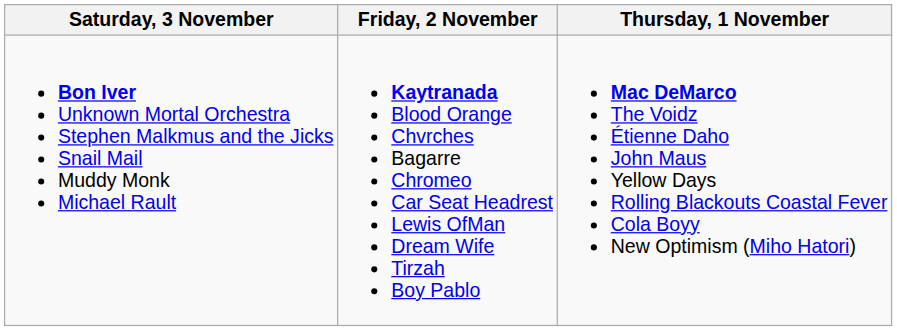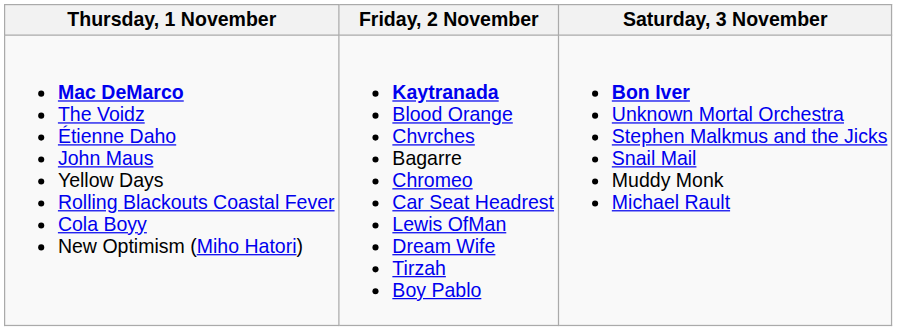 <table class="wikitable">
 <tr>
+<th>Thursday, 1 November</th>
+<th>Friday, 2 November</th>
 <th>Saturday, 3 November</th>
-<th>Friday, 2 November</th>
-<th>Thursday, 1 November</th>
 </tr>
 <tr valign="top">
+<td><br><ul><li><strong><a href='#'>Mac DeMarco</a></strong></li><li><a href='#'>The Voidz</a></li><li><a href='#'>Étienne Daho</a></li><li><a href='#'>John Maus</a></li><li>Yellow Days</li><li><a href='#'>Rolling Blackouts Coastal Fever</a></li><li><a href='#'>Cola Boyy</a></li><li>New Optimism (<a href='#'>Miho Hatori</a>)</li></ul></td>
+<td><br><ul><li><strong><a href='#'>Kaytranada</a></strong></li><li><a href='#'>Blood Orange</a></li><li><a href='#'>Chvrches</a></li><li>Bagarre</li><li><a href='#'>Chromeo</a></li><li><a href='#'>Car Seat Headrest</a></li><li><a href='#'>Lewis OfMan</a></li><li><a href='#'>Dream Wife</a></li><li><a href='#'>Tirzah</a></li><li><a href='#'>Boy Pablo</a></li></ul></td>
 <td><br><ul><li><strong><a href='#'>Bon Iver</a></strong></li><li><a href='#'>Unknown Mortal Orchestra</a></li><li><a href='#'>Stephen Malkmus and the Jicks</a></li><li><a href='#'>Snail Mail</a></li><li>Muddy Monk</li><li><a href='#'>Michael Rault</a></li></ul></td>
-<td><br><ul><li><strong><a href='#'>Kaytranada</a></strong></li><li><a href='#'>Blood Orange</a></li><li><a href='#'>Chvrches</a></li><li>Bagarre</li><li><a href='#'>Chromeo</a></li><li><a href='#'>Car Seat Headrest</a></li><li><a href='#'>Lewis OfMan</a></li><li><a href='#'>Dream Wife</a></li><li><a href='#'>Tirzah</a></li><li><a href='#'>Boy Pablo</a></li></ul></td>
-<td><br><ul><li><strong><a href='#'>Mac DeMarco</a></strong></li><li><a href='#'>The Voidz</a></li><li><a href='#'>Étienne Daho</a></li><li><a href='#'>John Maus</a></li><li>Yellow Days</li><li><a href='#'>Rolling Blackouts Coastal Fever</a></li><li><a href='#'>Cola Boyy</a></li><li>New Optimism (<a href='#'>Miho Hatori</a>)</li></ul></td>
 </tr>
 </table>
